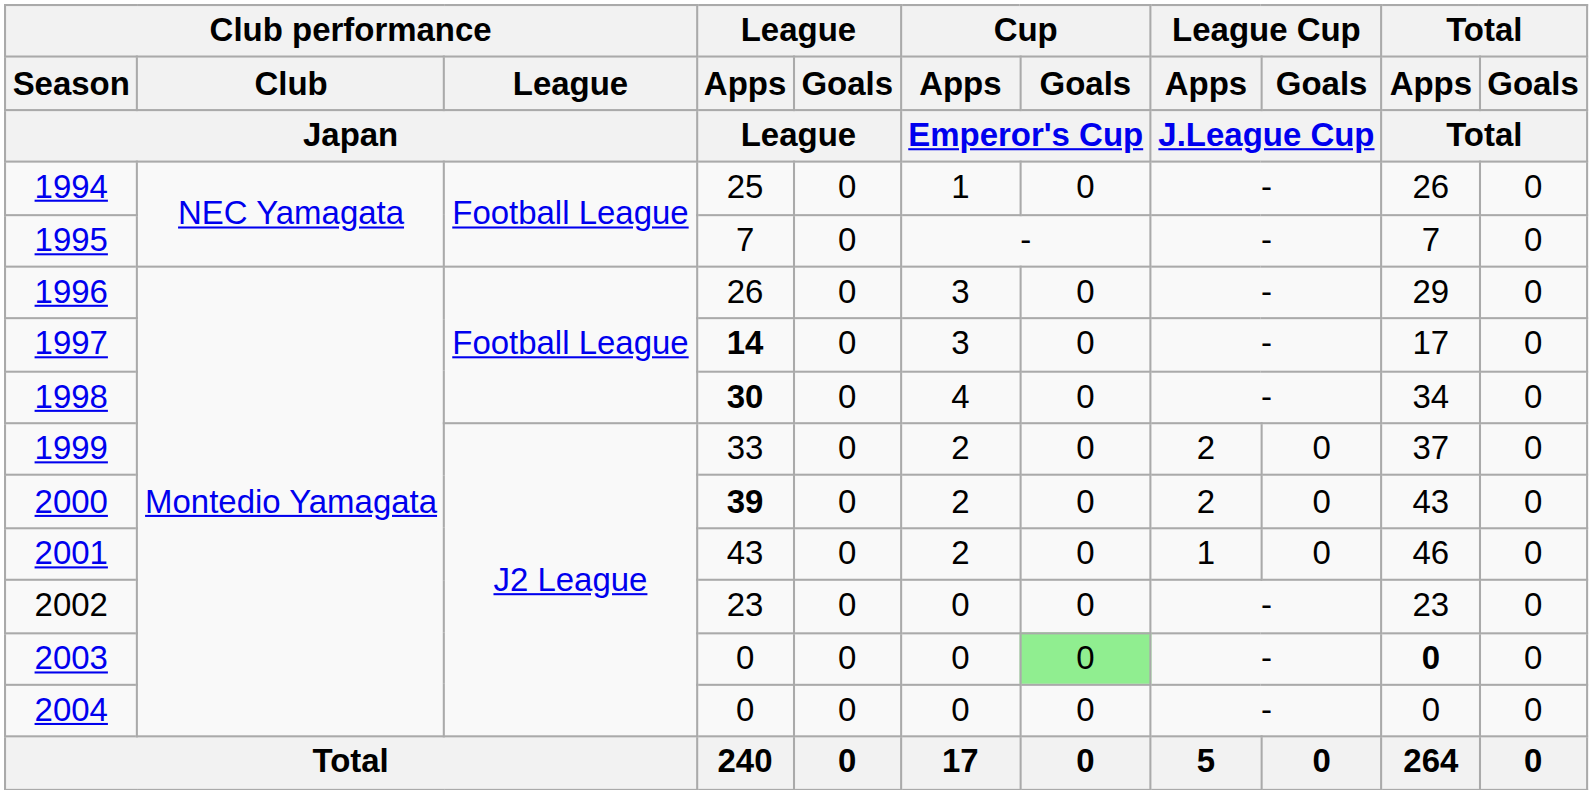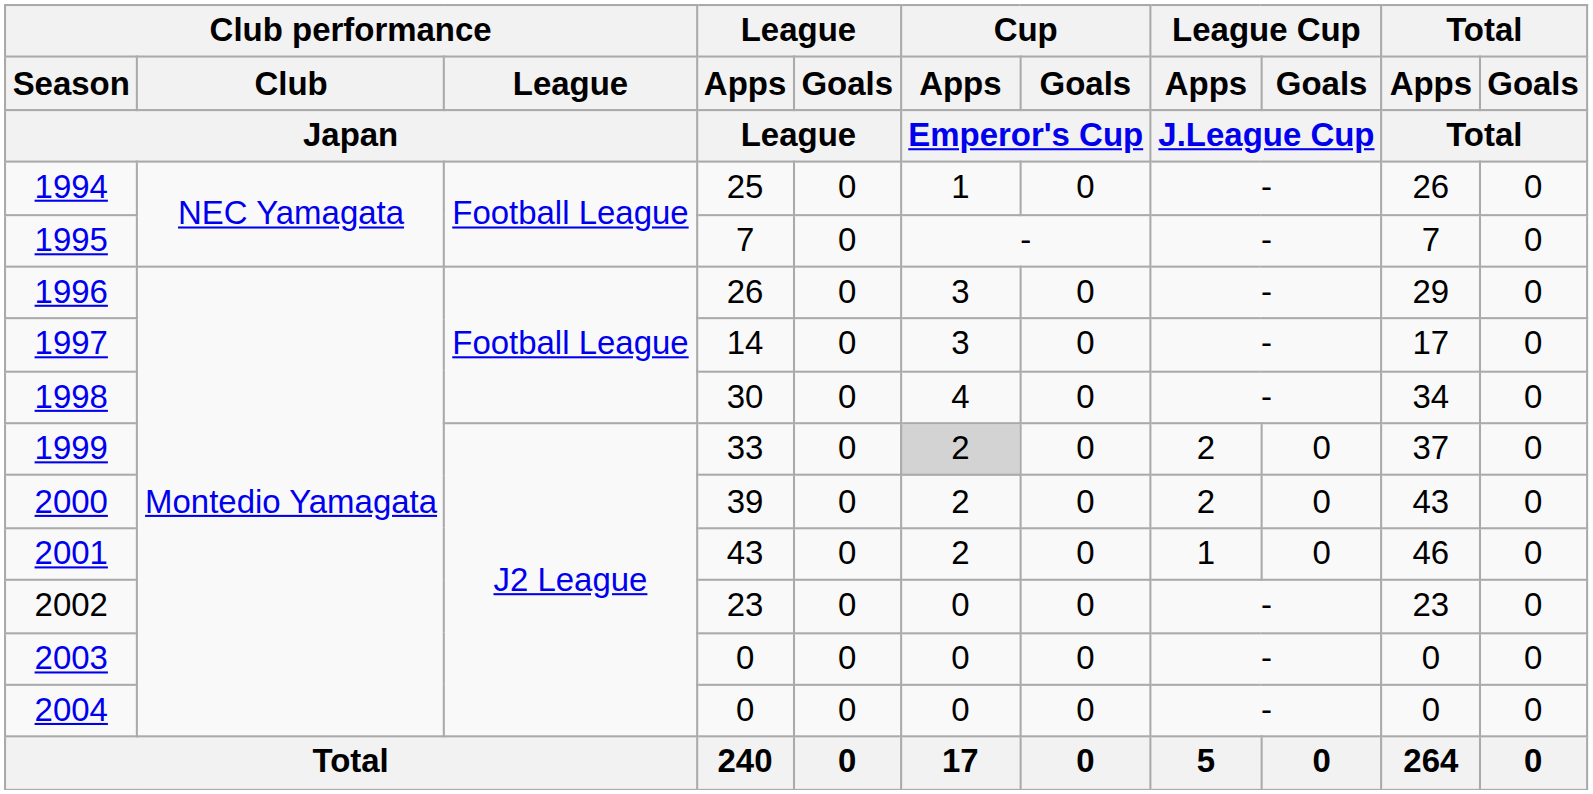 <table class="wikitable" style="text-align:center;">
 <tr>
 <th colspan=3>Club performance</th>
 <th colspan=2>League</th>
 <th colspan=2>Cup</th>
 <th colspan=2>League Cup</th>
 <th colspan=2>Total</th>
 </tr>
 <tr>
 <th>Season</th>
 <th>Club</th>
 <th>League</th>
 <th>Apps</th>
 <th>Goals</th>
 <th>Apps</th>
 <th>Goals</th>
 <th>Apps</th>
 <th>Goals</th>
 <th>Apps</th>
 <th>Goals</th>
 </tr>
 <tr>
 <th colspan=3>Japan</th>
 <th colspan=2>League</th>
 <th colspan=2><a href='#'>Emperor's Cup</a></th>
 <th colspan=2><a href='#'>J.League Cup</a></th>
 <th colspan=2>Total</th>
 </tr>
 <tr>
 <td><a href='#'>1994</a></td>
 <td rowspan="2"><a href='#'>NEC Yamagata</a></td>
 <td rowspan="2"><a href='#'>Football League</a></td>
 <td>25</td>
 <td>0</td>
 <td>1</td>
 <td>0</td>
 <td colspan="2">-</td>
 <td>26</td>
 <td>0</td>
 </tr>
 <tr>
 <td><a href='#'>1995</a></td>
 <td>7</td>
 <td>0</td>
 <td colspan="2">-</td>
 <td colspan="2">-</td>
 <td>7</td>
 <td>0</td>
 </tr>
 <tr>
 <td><a href='#'>1996</a></td>
 <td rowspan="9"><a href='#'>Montedio Yamagata</a></td>
 <td rowspan="3"><a href='#'>Football League</a></td>
 <td>26</td>
 <td>0</td>
 <td>3</td>
 <td>0</td>
 <td colspan="2">-</td>
 <td>29</td>
 <td>0</td>
 </tr>
 <tr>
 <td><a href='#'>1997</a></td>
-<td><strong>14</strong></td>
+<td>14</td>
 <td>0</td>
 <td>3</td>
 <td>0</td>
 <td colspan="2">-</td>
 <td>17</td>
 <td>0</td>
 </tr>
 <tr>
 <td><a href='#'>1998</a></td>
-<td><strong>30</strong></td>
+<td>30</td>
 <td>0</td>
 <td>4</td>
 <td>0</td>
 <td colspan="2">-</td>
 <td>34</td>
 <td>0</td>
 </tr>
 <tr>
 <td><a href='#'>1999</a></td>
 <td rowspan="6"><a href='#'>J2 League</a></td>
 <td>33</td>
 <td>0</td>
-<td>2</td>
+<td style="background: lightgrey;">2</td>
 <td>0</td>
 <td>2</td>
 <td>0</td>
 <td>37</td>
 <td>0</td>
 </tr>
 <tr>
 <td><a href='#'>2000</a></td>
-<td><strong>39</strong></td>
+<td>39</td>
 <td>0</td>
 <td>2</td>
 <td>0</td>
 <td>2</td>
 <td>0</td>
 <td>43</td>
 <td>0</td>
 </tr>
 <tr>
 <td><a href='#'>2001</a></td>
 <td>43</td>
 <td>0</td>
 <td>2</td>
 <td>0</td>
 <td>1</td>
 <td>0</td>
 <td>46</td>
 <td>0</td>
 </tr>
 <tr>
 <td>2002</td>
 <td>23</td>
 <td>0</td>
 <td>0</td>
 <td>0</td>
 <td colspan="2">-</td>
 <td>23</td>
 <td>0</td>
 </tr>
 <tr>
 <td><a href='#'>2003</a></td>
 <td>0</td>
 <td>0</td>
 <td>0</td>
-<td style="background: lightgreen;">0</td>
+<td>0</td>
 <td colspan="2">-</td>
-<td><strong>0</strong></td>
+<td>0</td>
 <td>0</td>
 </tr>
 <tr>
 <td><a href='#'>2004</a></td>
 <td>0</td>
 <td>0</td>
 <td>0</td>
 <td>0</td>
 <td colspan="2">-</td>
 <td>0</td>
 <td>0</td>
 </tr>
 <tr>
 <th colspan=3>Total</th>
 <th>240</th>
 <th>0</th>
 <th>17</th>
 <th>0</th>
 <th>5</th>
 <th>0</th>
 <th>264</th>
 <th>0</th>
 </tr>
 </table>
